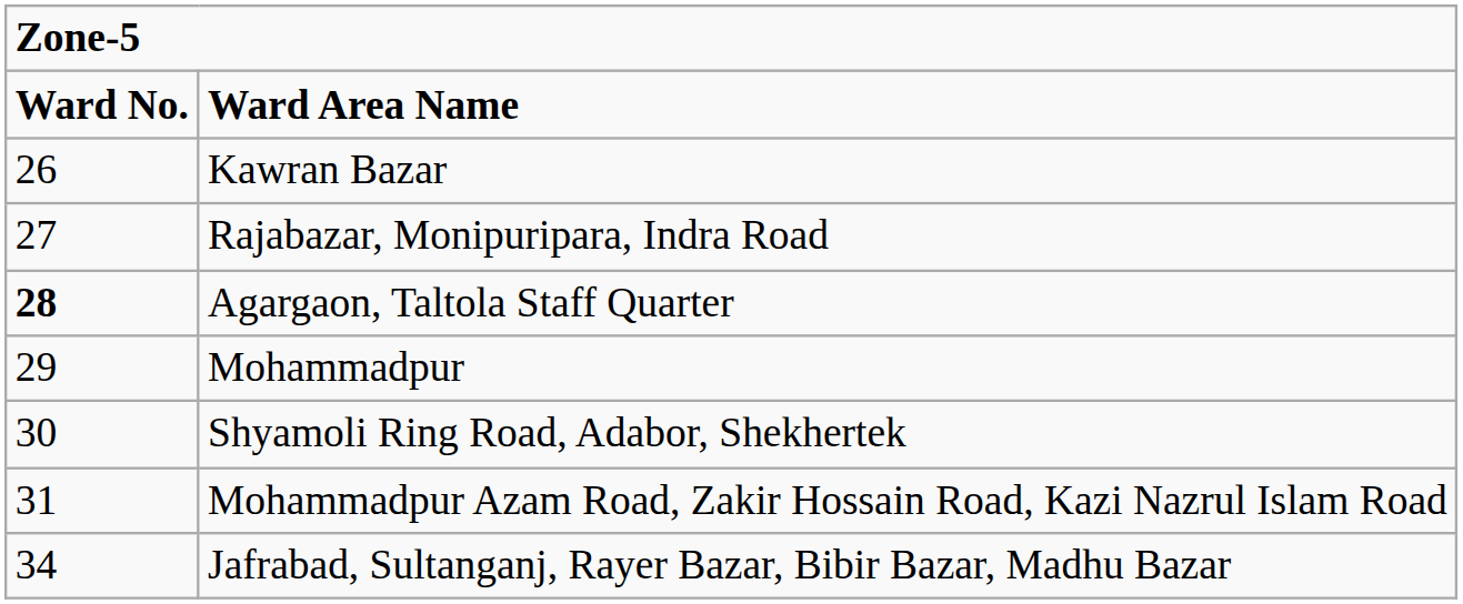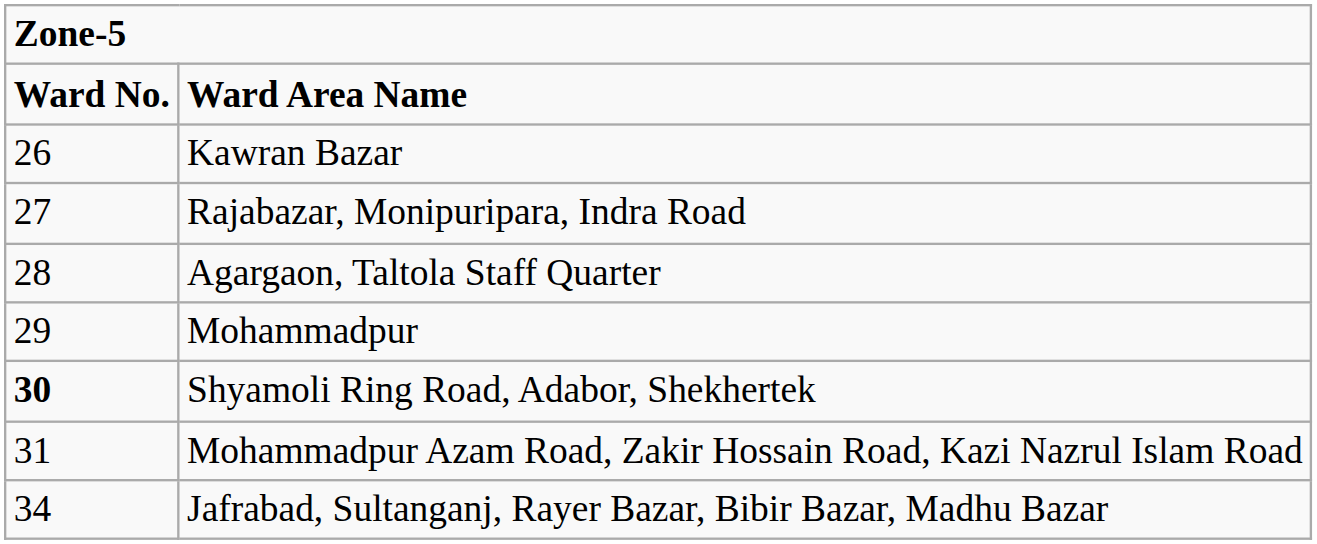 <table class="wikitable">
 <tr>
 <td colspan="2"><strong>Zone-5</strong></td>
 </tr>
 <tr>
 <td><strong>Ward No.</strong></td>
 <td><strong>Ward Area  Name</strong></td>
 </tr>
 <tr>
 <td>26</td>
 <td>Kawran Bazar</td>
 </tr>
 <tr>
 <td>27</td>
 <td>Rajabazar,  Monipuripara, Indra Road</td>
 </tr>
 <tr>
-<td><strong>28</strong></td>
+<td>28</td>
 <td>Agargaon,  Taltola Staff Quarter</td>
 </tr>
 <tr>
 <td>29</td>
 <td>Mohammadpur</td>
 </tr>
 <tr>
-<td>30</td>
+<td><strong>30</strong></td>
 <td>Shyamoli Ring  Road, Adabor, Shekhertek</td>
 </tr>
 <tr>
 <td>31</td>
 <td>Mohammadpur  Azam Road, Zakir Hossain Road, Kazi Nazrul Islam Road</td>
 </tr>
 <tr>
 <td>34</td>
 <td>Jafrabad,  Sultanganj, Rayer Bazar, Bibir Bazar, Madhu Bazar</td>
 </tr>
 </table>
